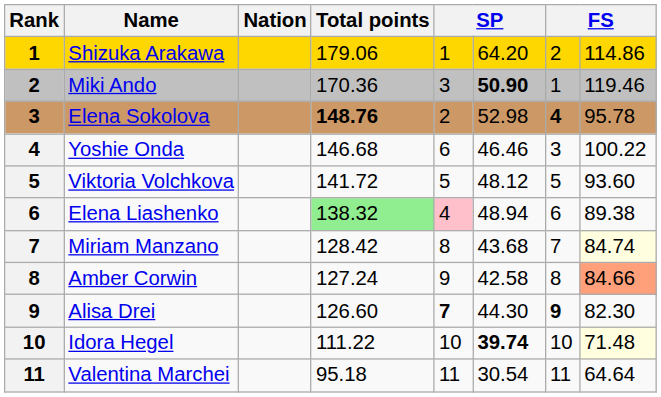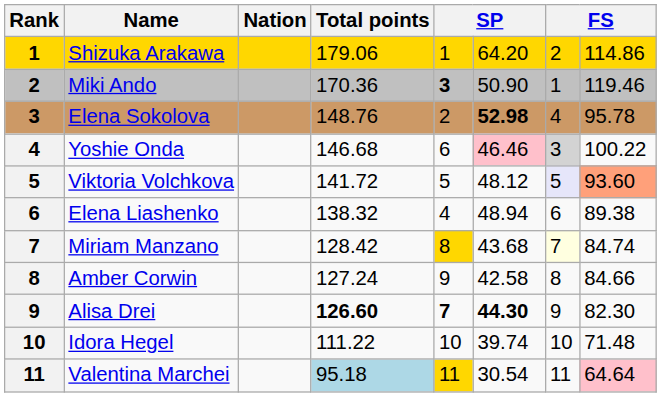 <table class="wikitable">
 <tr>
 <th>Rank</th>
 <th>Name</th>
 <th>Nation</th>
 <th>Total points</th>
 <th colspan="2" width="80px"><a href='#'>SP</a></th>
 <th colspan="2" width="80px"><a href='#'>FS</a></th>
 </tr>
 <tr bgcolor="gold">
 <td align="center"><strong>1</strong></td>
 <td><a href='#'>Shizuka Arakawa</a></td>
 <td></td>
 <td>179.06</td>
 <td>1</td>
 <td>64.20</td>
 <td>2</td>
 <td>114.86</td>
 </tr>
 <tr bgcolor="silver">
 <td align="center"><strong>2</strong></td>
 <td><a href='#'>Miki Ando</a></td>
 <td></td>
 <td>170.36</td>
-<td>3</td>
-<td><strong>50.90</strong></td>
+<td><strong>3</strong></td>
+<td>50.90</td>
 <td>1</td>
 <td>119.46</td>
 </tr>
 <tr bgcolor="cc9966">
 <td align="center"><strong>3</strong></td>
 <td><a href='#'>Elena Sokolova</a></td>
 <td></td>
-<td><strong>148.76</strong></td>
+<td>148.76</td>
 <td>2</td>
-<td>52.98</td>
-<td><strong>4</strong></td>
+<td><strong>52.98</strong></td>
+<td>4</td>
 <td>95.78</td>
 </tr>
 <tr>
 <th>4</th>
 <td><a href='#'>Yoshie Onda</a></td>
 <td></td>
 <td>146.68</td>
 <td>6</td>
-<td>46.46</td>
-<td>3</td>
+<td style="background: pink;">46.46</td>
+<td style="background: lightgrey;">3</td>
 <td>100.22</td>
 </tr>
 <tr>
 <th>5</th>
 <td><a href='#'>Viktoria Volchkova</a></td>
 <td></td>
 <td>141.72</td>
 <td>5</td>
 <td>48.12</td>
-<td>5</td>
-<td>93.60</td>
+<td style="background: lavender;">5</td>
+<td style="background: lightsalmon;">93.60</td>
 </tr>
 <tr>
 <th>6</th>
 <td><a href='#'>Elena Liashenko</a></td>
 <td></td>
-<td style="background: lightgreen;">138.32</td>
-<td style="background: pink;">4</td>
+<td>138.32</td>
+<td>4</td>
 <td>48.94</td>
 <td>6</td>
 <td>89.38</td>
 </tr>
 <tr>
 <th>7</th>
 <td><a href='#'>Miriam Manzano</a></td>
 <td></td>
 <td>128.42</td>
-<td>8</td>
+<td style="background: gold;">8</td>
 <td>43.68</td>
-<td>7</td>
-<td style="background: lightyellow;">84.74</td>
+<td style="background: lightyellow;">7</td>
+<td>84.74</td>
 </tr>
 <tr>
 <th>8</th>
 <td><a href='#'>Amber Corwin</a></td>
 <td></td>
 <td>127.24</td>
 <td>9</td>
 <td>42.58</td>
 <td>8</td>
-<td style="background: lightsalmon;">84.66</td>
+<td>84.66</td>
 </tr>
 <tr>
 <th>9</th>
 <td><a href='#'>Alisa Drei</a></td>
 <td></td>
-<td>126.60</td>
+<td><strong>126.60</strong></td>
 <td><strong>7</strong></td>
-<td>44.30</td>
-<td><strong>9</strong></td>
+<td><strong>44.30</strong></td>
+<td>9</td>
 <td>82.30</td>
 </tr>
 <tr>
 <th>10</th>
 <td><a href='#'>Idora Hegel</a></td>
 <td></td>
 <td>111.22</td>
 <td>10</td>
-<td><strong>39.74</strong></td>
+<td>39.74</td>
 <td>10</td>
-<td style="background: lightyellow;">71.48</td>
+<td>71.48</td>
 </tr>
 <tr>
 <th>11</th>
 <td><a href='#'>Valentina Marchei</a></td>
 <td></td>
-<td>95.18</td>
-<td>11</td>
+<td style="background: lightblue;">95.18</td>
+<td style="background: gold;">11</td>
 <td>30.54</td>
 <td>11</td>
-<td>64.64</td>
+<td style="background: pink;">64.64</td>
 </tr>
 </table>
